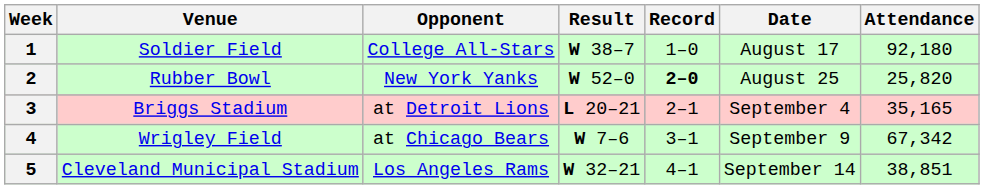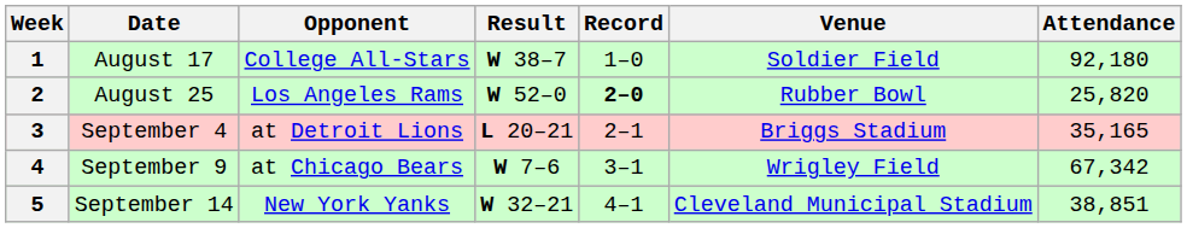 <table class="wikitable" style="text-align:center">
 <tr>
 <th>Week</th>
-<th>Venue</th>
+<th>Date</th>
 <th>Opponent</th>
 <th>Result</th>
 <th>Record</th>
-<th>Date</th>
+<th>Venue</th>
 <th>Attendance</th>
 </tr>
 <tr style="background:#cfc">
 <th>1</th>
-<td><a href='#'>Soldier Field</a></td>
+<td>August 17</td>
 <td><a href='#'>College All-Stars</a></td>
 <td><strong>W</strong> 38–7</td>
 <td>1–0</td>
-<td>August 17</td>
+<td><a href='#'>Soldier Field</a></td>
 <td>92,180</td>
 </tr>
 <tr style="background:#cfc">
 <th>2</th>
-<td><a href='#'>Rubber Bowl</a></td>
-<td><a href='#'>New York Yanks</a></td>
+<td>August 25</td>
+<td><a href='#'>Los Angeles Rams</a></td>
 <td><strong>W</strong> 52–0</td>
 <td><strong>2–0</strong></td>
-<td>August 25</td>
+<td><a href='#'>Rubber Bowl</a></td>
 <td>25,820</td>
 </tr>
 <tr style="background:#fcc">
 <th>3</th>
-<td><a href='#'>Briggs Stadium</a></td>
+<td>September 4</td>
 <td>at <a href='#'>Detroit Lions</a></td>
 <td><strong>L</strong> 20–21</td>
 <td>2–1</td>
-<td>September 4</td>
+<td><a href='#'>Briggs Stadium</a></td>
 <td>35,165</td>
 </tr>
 <tr style="background:#cfc">
 <th>4</th>
-<td><a href='#'>Wrigley Field</a></td>
+<td>September 9</td>
 <td>at <a href='#'>Chicago Bears</a></td>
 <td><strong>W</strong> 7–6</td>
 <td>3–1</td>
-<td>September 9</td>
+<td><a href='#'>Wrigley Field</a></td>
 <td>67,342</td>
 </tr>
 <tr style="background:#cfc">
 <th>5</th>
-<td><a href='#'>Cleveland Municipal Stadium</a></td>
-<td><a href='#'>Los Angeles Rams</a></td>
+<td>September 14</td>
+<td><a href='#'>New York Yanks</a></td>
 <td><strong>W</strong> 32–21</td>
 <td>4–1</td>
-<td>September 14</td>
+<td><a href='#'>Cleveland Municipal Stadium</a></td>
 <td>38,851</td>
 </tr>
 </table>
